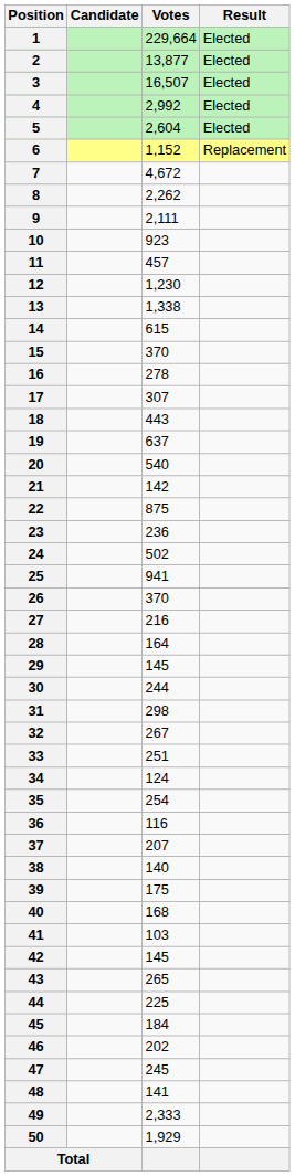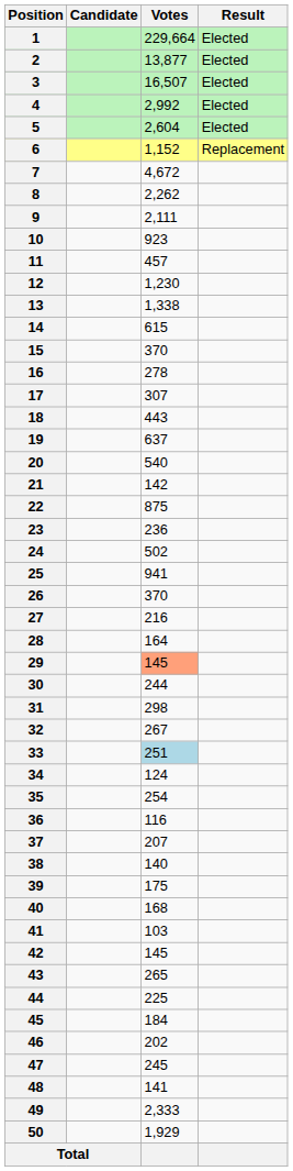 <table class="wikitable sortable col3right">
 <tr>
 <th scope="col">Position</th>
 <th scope="col">Candidate</th>
 <th scope="col">Votes</th>
 <th scope="col">Result</th>
 </tr>
 <tr bgcolor=bbf3bb>
 <th scope="row">1</th>
 <td></td>
 <td>229,664</td>
 <td>Elected</td>
 </tr>
 <tr bgcolor=bbf3bb>
 <th scope="row">2</th>
 <td></td>
 <td>13,877</td>
 <td>Elected</td>
 </tr>
 <tr bgcolor=bbf3bb>
 <th scope="row">3</th>
 <td></td>
 <td>16,507</td>
 <td>Elected</td>
 </tr>
 <tr bgcolor=bbf3bb>
 <th scope="row">4</th>
 <td></td>
 <td>2,992</td>
 <td>Elected</td>
 </tr>
 <tr bgcolor=bbf3bb>
 <th scope="row">5</th>
 <td></td>
 <td>2,604</td>
 <td>Elected</td>
 </tr>
 <tr bgcolor=#FF8>
 <th scope="row">6</th>
 <td></td>
 <td>1,152</td>
 <td>Replacement</td>
 </tr>
 <tr>
 <th scope="row">7</th>
 <td></td>
 <td>4,672</td>
 <td></td>
 </tr>
 <tr>
 <th scope="row">8</th>
 <td></td>
 <td>2,262</td>
 <td></td>
 </tr>
 <tr>
 <th scope="row">9</th>
 <td></td>
 <td>2,111</td>
 <td></td>
 </tr>
 <tr>
 <th scope="row">10</th>
 <td></td>
 <td>923</td>
 <td></td>
 </tr>
 <tr>
 <th scope="row">11</th>
 <td></td>
 <td>457</td>
 <td></td>
 </tr>
 <tr>
 <th scope="row">12</th>
 <td></td>
 <td>1,230</td>
 <td></td>
 </tr>
 <tr>
 <th scope="row">13</th>
 <td></td>
 <td>1,338</td>
 <td></td>
 </tr>
 <tr>
 <th scope="row">14</th>
 <td></td>
 <td>615</td>
 <td></td>
 </tr>
 <tr>
 <th scope="row">15</th>
 <td></td>
 <td>370</td>
 <td></td>
 </tr>
 <tr>
 <th scope="row">16</th>
 <td></td>
 <td>278</td>
 <td></td>
 </tr>
 <tr>
 <th scope="row">17</th>
 <td></td>
 <td>307</td>
 <td></td>
 </tr>
 <tr>
 <th scope="row">18</th>
 <td></td>
 <td>443</td>
 <td></td>
 </tr>
 <tr>
 <th scope="row">19</th>
 <td></td>
 <td>637</td>
 <td></td>
 </tr>
 <tr>
 <th scope="row">20</th>
 <td></td>
 <td>540</td>
 <td></td>
 </tr>
 <tr>
 <th scope="row">21</th>
 <td></td>
 <td>142</td>
 <td></td>
 </tr>
 <tr>
 <th scope="row">22</th>
 <td></td>
 <td>875</td>
 <td></td>
 </tr>
 <tr>
 <th scope="row">23</th>
 <td></td>
 <td>236</td>
 <td></td>
 </tr>
 <tr>
 <th scope="row">24</th>
 <td></td>
 <td>502</td>
 <td></td>
 </tr>
 <tr>
 <th scope="row">25</th>
 <td></td>
 <td>941</td>
 <td></td>
 </tr>
 <tr>
 <th scope="row">26</th>
 <td></td>
 <td>370</td>
 <td></td>
 </tr>
 <tr>
 <th scope="row">27</th>
 <td></td>
 <td>216</td>
 <td></td>
 </tr>
 <tr>
 <th scope="row">28</th>
 <td></td>
 <td>164</td>
 <td></td>
 </tr>
 <tr>
 <th scope="row">29</th>
 <td></td>
-<td>145</td>
+<td style="background: lightsalmon;">145</td>
 <td></td>
 </tr>
 <tr>
 <th scope="row">30</th>
 <td></td>
 <td>244</td>
 <td></td>
 </tr>
 <tr>
 <th scope="row">31</th>
 <td></td>
 <td>298</td>
 <td></td>
 </tr>
 <tr>
 <th scope="row">32</th>
 <td></td>
 <td>267</td>
 <td></td>
 </tr>
 <tr>
 <th scope="row">33</th>
 <td></td>
-<td>251</td>
+<td style="background: lightblue;">251</td>
 <td></td>
 </tr>
 <tr>
 <th scope="row">34</th>
 <td></td>
 <td>124</td>
 <td></td>
 </tr>
 <tr>
 <th scope="row">35</th>
 <td></td>
 <td>254</td>
 <td></td>
 </tr>
 <tr>
 <th scope="row">36</th>
 <td></td>
 <td>116</td>
 <td></td>
 </tr>
 <tr>
 <th scope="row">37</th>
 <td></td>
 <td>207</td>
 <td></td>
 </tr>
 <tr>
 <th scope="row">38</th>
 <td></td>
 <td>140</td>
 <td></td>
 </tr>
 <tr>
 <th scope="row">39</th>
 <td></td>
 <td>175</td>
 <td></td>
 </tr>
 <tr>
 <th scope="row">40</th>
 <td></td>
 <td>168</td>
 <td></td>
 </tr>
 <tr>
 <th scope="row">41</th>
 <td></td>
 <td>103</td>
 <td></td>
 </tr>
 <tr>
 <th scope="row">42</th>
 <td></td>
 <td>145</td>
 <td></td>
 </tr>
 <tr>
 <th scope="row">43</th>
 <td></td>
 <td>265</td>
 <td></td>
 </tr>
 <tr>
 <th scope="row">44</th>
 <td></td>
 <td>225</td>
 <td></td>
 </tr>
 <tr>
 <th scope="row">45</th>
 <td></td>
 <td>184</td>
 <td></td>
 </tr>
 <tr>
 <th scope="row">46</th>
 <td></td>
 <td>202</td>
 <td></td>
 </tr>
 <tr>
 <th scope="row">47</th>
 <td></td>
 <td>245</td>
 <td></td>
 </tr>
 <tr>
 <th scope="row">48</th>
 <td></td>
 <td>141</td>
 <td></td>
 </tr>
 <tr>
 <th scope="row">49</th>
 <td></td>
 <td>2,333</td>
 <td></td>
 </tr>
 <tr>
 <th scope="row">50</th>
 <td></td>
 <td>1,929</td>
 <td></td>
 </tr>
 <tr class="sortbottom">
 <th scope="row" colspan="2">Total</th>
 <th></th>
 <th></th>
 </tr>
 </table>
